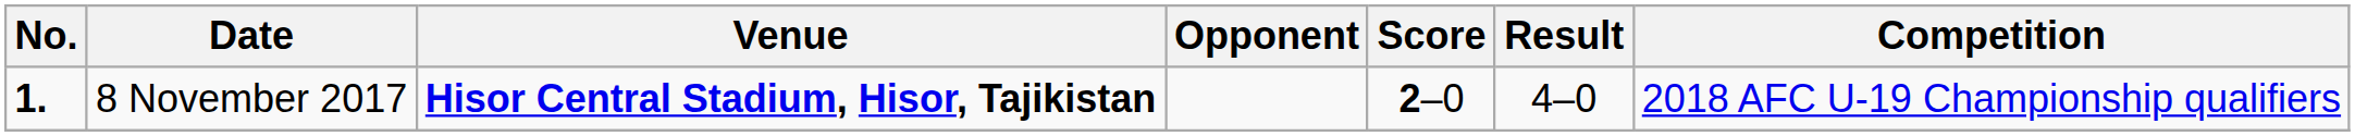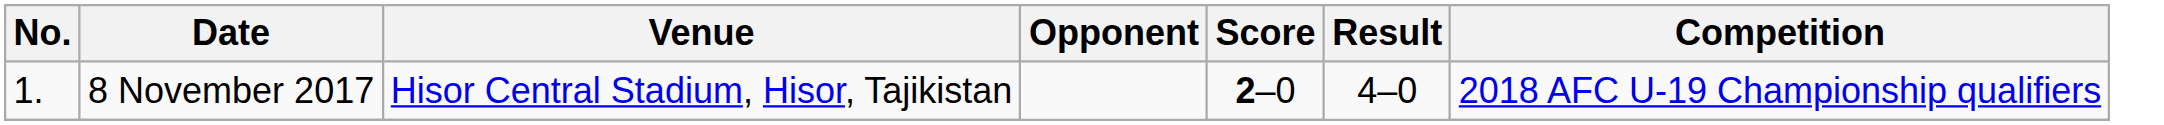 <table class="wikitable" style="font-size:100%;">
 <tr>
 <th>No.</th>
 <th>Date</th>
 <th>Venue</th>
 <th>Opponent</th>
 <th>Score</th>
 <th>Result</th>
 <th>Competition</th>
 </tr>
 <tr>
-<td><strong>1.</strong></td>
+<td>1.</td>
 <td>8 November 2017</td>
-<td><strong><a href='#'>Hisor Central Stadium</a>, <a href='#'>Hisor</a>, Tajikistan</strong></td>
+<td><a href='#'>Hisor Central Stadium</a>, <a href='#'>Hisor</a>, Tajikistan</td>
 <td rowspan="3"></td>
 <td align=center><strong>2</strong>–0</td>
 <td rowspan=3 align=center>4–0</td>
 <td><a href='#'>2018 AFC U-19 Championship qualifiers</a></td>
 </tr>
 <tr>
 </tr>
 </table>
